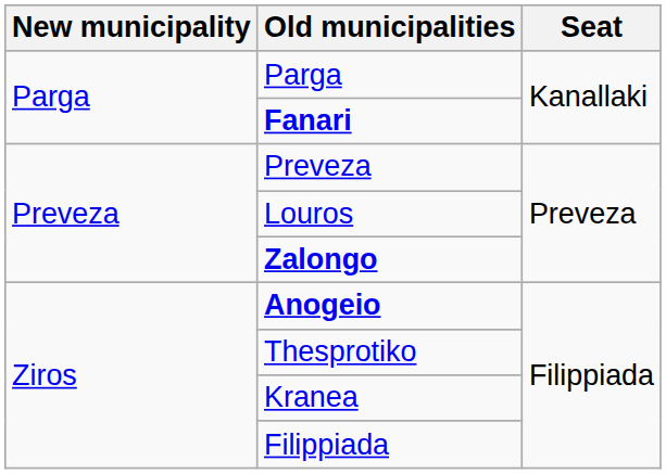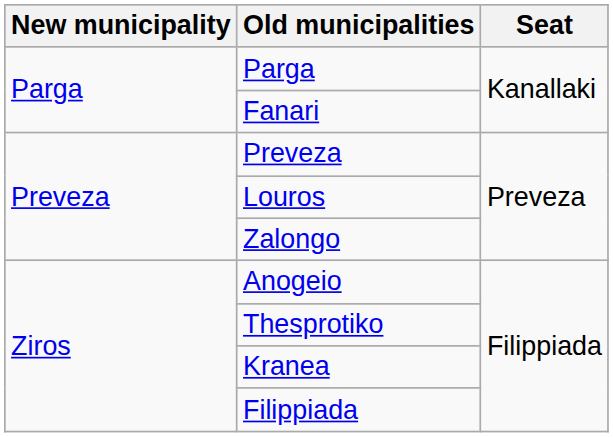 <table class="wikitable">
 <tr>
 <th>New municipality</th>
 <th>Old municipalities</th>
 <th>Seat</th>
 </tr>
 <tr>
 <td rowspan=2><a href='#'>Parga</a></td>
 <td><a href='#'>Parga</a></td>
 <td rowspan=2>Kanallaki</td>
 </tr>
 <tr>
-<td><strong><a href='#'>Fanari</a></strong></td>
+<td><a href='#'>Fanari</a></td>
 </tr>
 <tr>
 <td rowspan=3><a href='#'>Preveza</a></td>
 <td><a href='#'>Preveza</a></td>
 <td rowspan=3>Preveza</td>
 </tr>
 <tr>
 <td><a href='#'>Louros</a></td>
 </tr>
 <tr>
-<td><strong><a href='#'>Zalongo</a></strong></td>
+<td><a href='#'>Zalongo</a></td>
 </tr>
 <tr>
 <td rowspan=4><a href='#'>Ziros</a></td>
-<td><strong><a href='#'>Anogeio</a></strong></td>
+<td><a href='#'>Anogeio</a></td>
 <td rowspan=4>Filippiada</td>
 </tr>
 <tr>
 <td><a href='#'>Thesprotiko</a></td>
 </tr>
 <tr>
 <td><a href='#'>Kranea</a></td>
 </tr>
 <tr>
 <td><a href='#'>Filippiada</a></td>
 </tr>
 </table>
